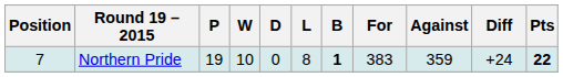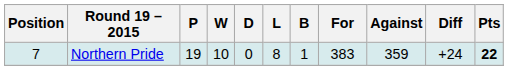 <table class="wikitable" style="text-align:center; font-size:85%;">
 <tr>
 <th width=40 abbr="Position">Position</th>
 <th width=100>Round 19 – 2015</th>
 <th width=20 abbr="Played">P</th>
 <th width=20 abbr="Won">W</th>
 <th width=20 abbr="Drawn">D</th>
 <th width=20 abbr="Lost">L</th>
 <th width=20 abbr="Bye">B</th>
 <th width=40 abbr="Points for">For</th>
 <th width=40 abbr="Points against">Against</th>
 <th width=40 abbr="Points difference">Diff</th>
 <th width=20 abbr="Points">Pts</th>
 </tr>
 <tr style="background: #d7ebed;">
 <td>7</td>
 <td style="text-align:left;"> <a href='#'>Northern Pride</a></td>
 <td>19</td>
 <td>10</td>
 <td>0</td>
 <td>8</td>
-<td><strong>1</strong></td>
+<td>1</td>
 <td>383</td>
 <td>359</td>
 <td>+24</td>
 <td><strong>22</strong></td>
 </tr>
 <tr>
 </tr>
 </table>
